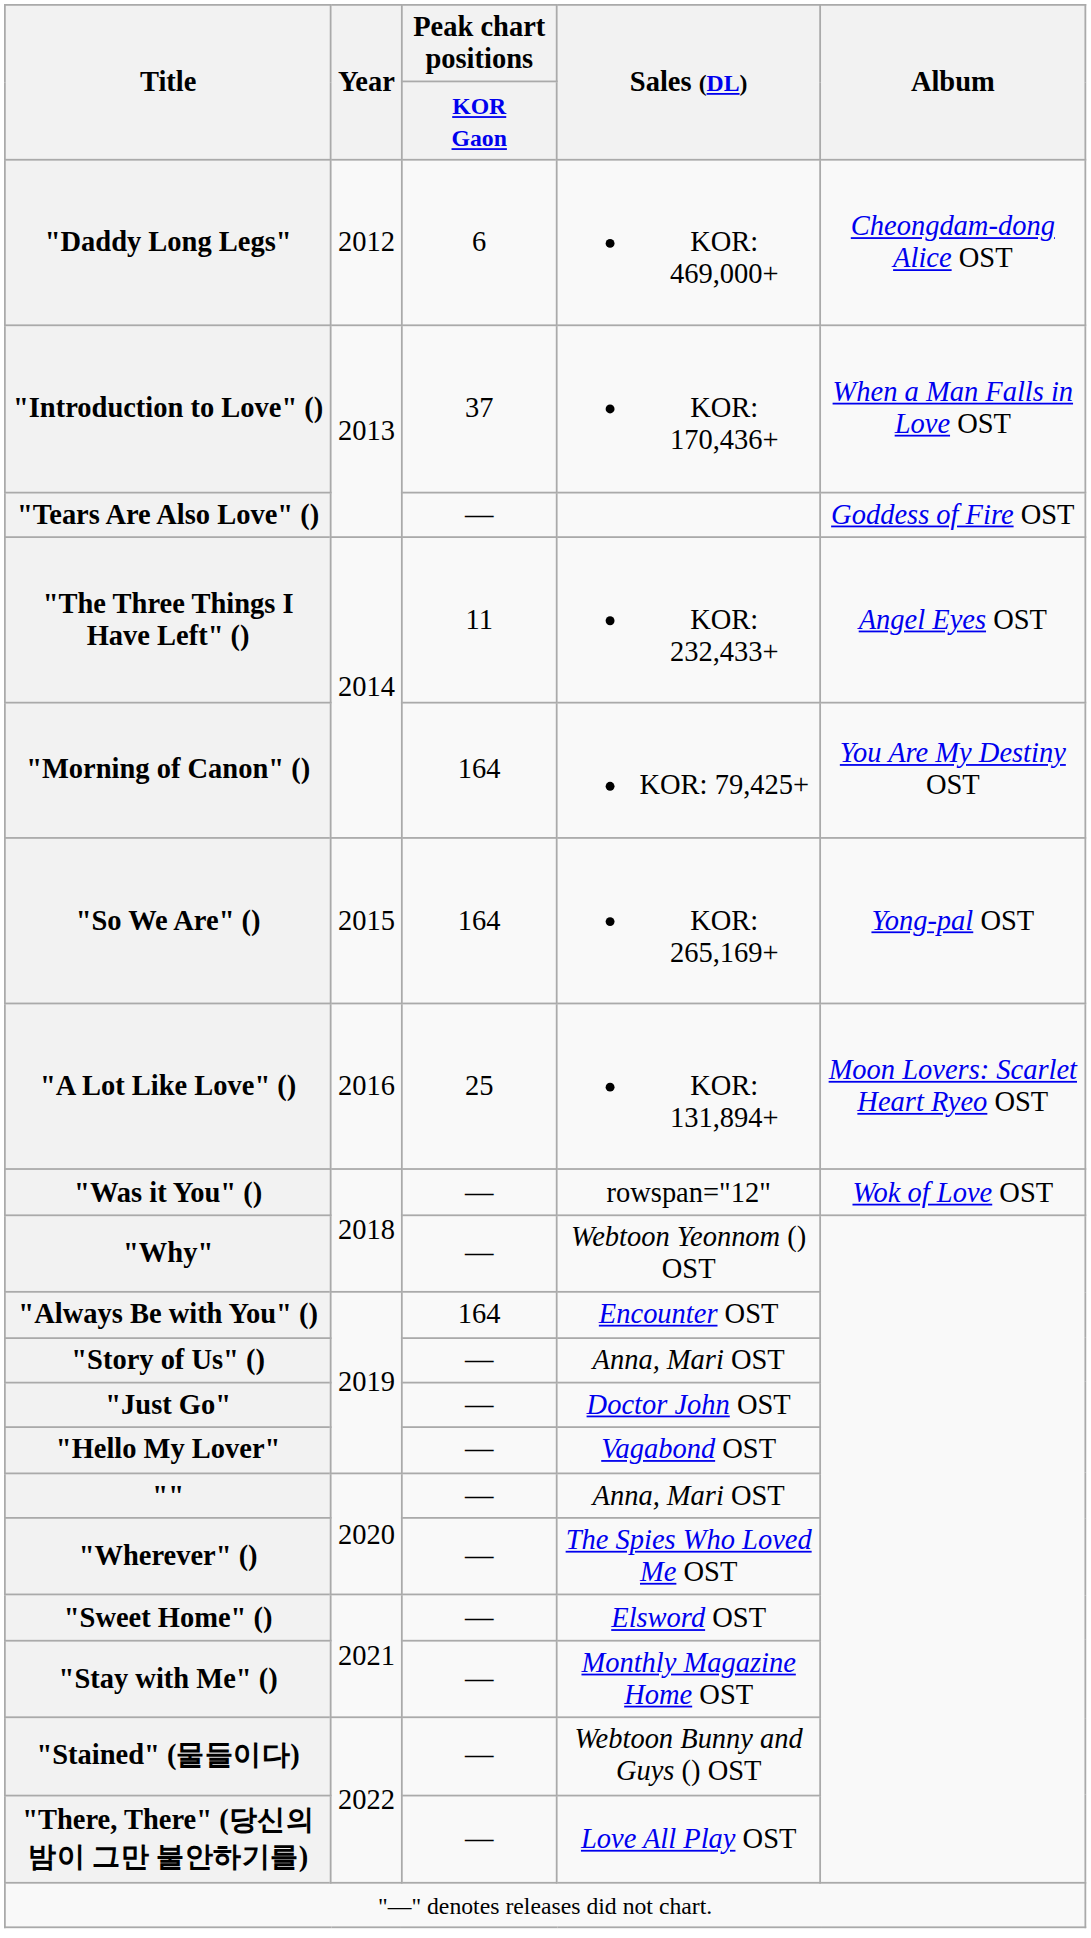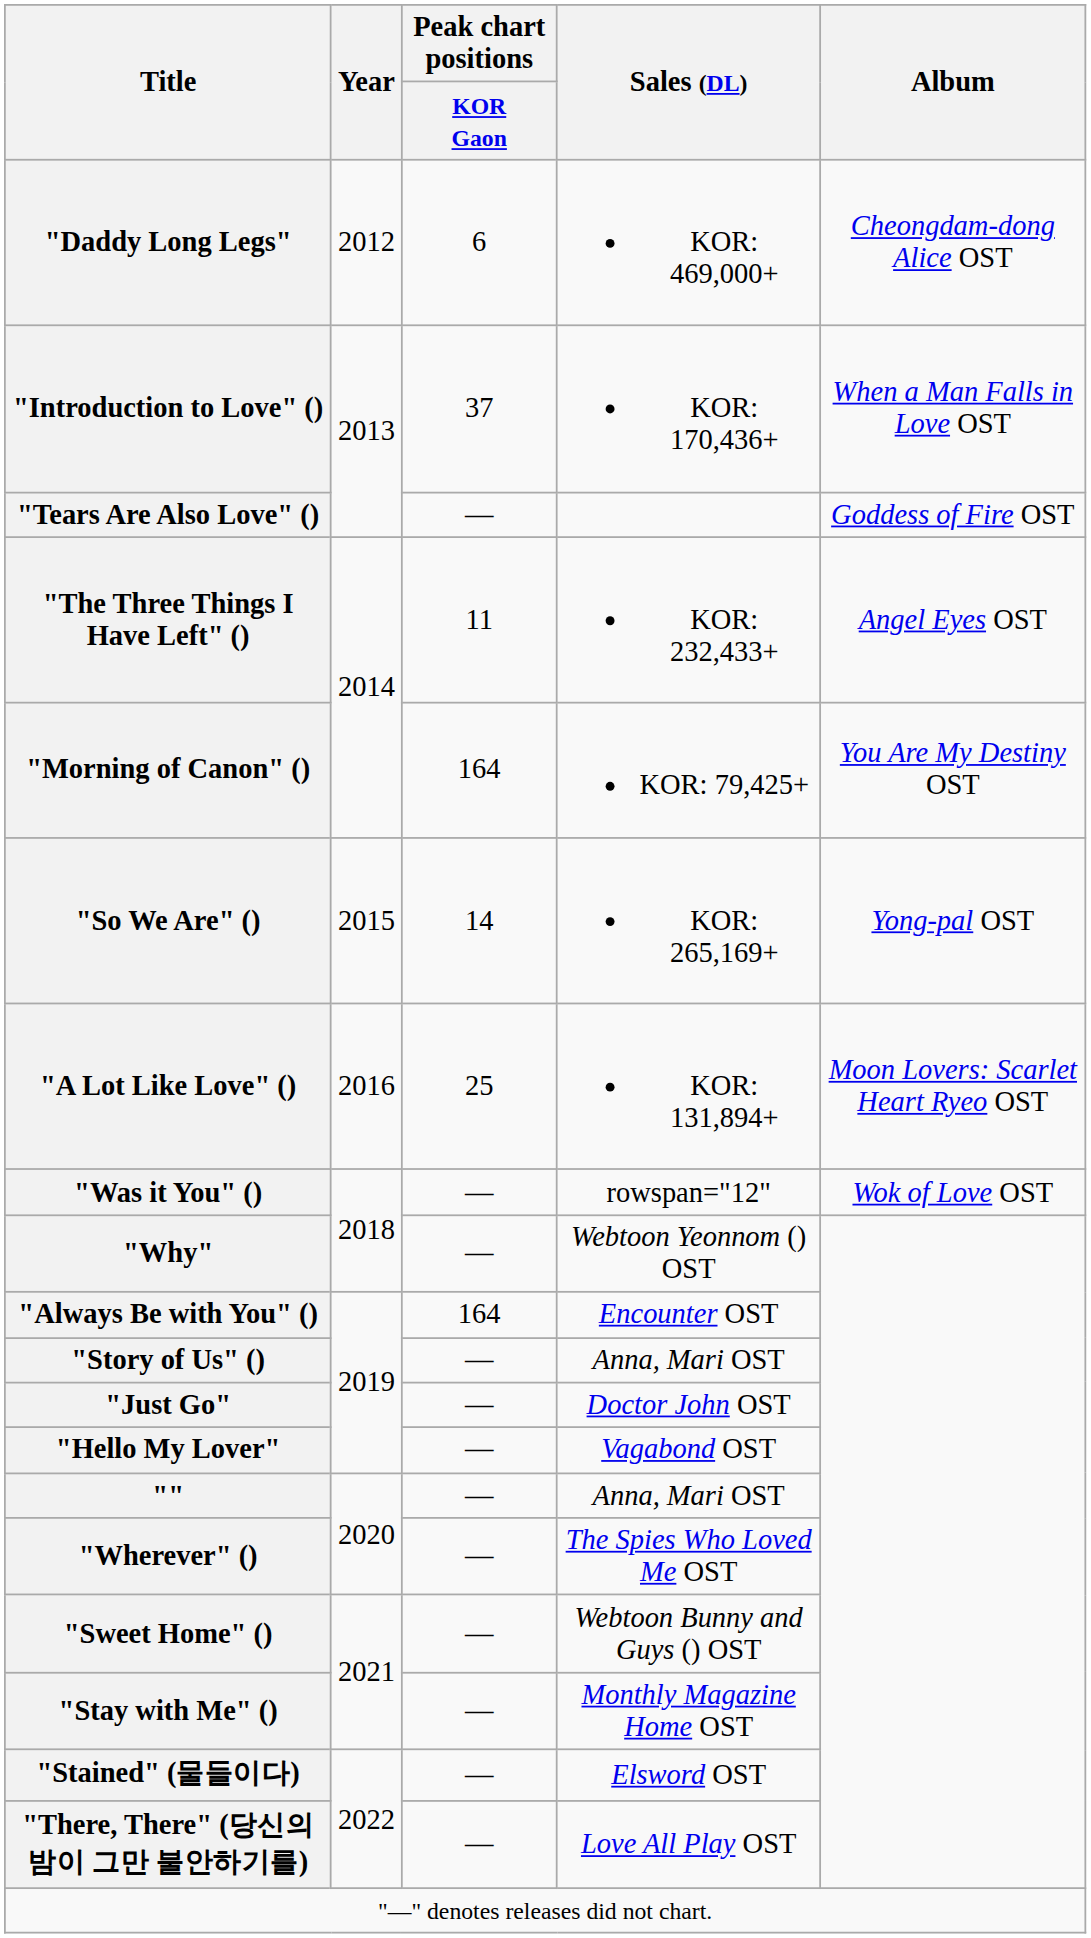 <table class="wikitable plainrowheaders" style="text-align:center;">
 <tr>
 <th scope="col" rowspan="2">Title</th>
 <th scope="col" rowspan="2">Year</th>
 <th scope="col" style="width:5em;">Peak chart positions</th>
 <th scope="col" rowspan="2">Sales <small>(<a href='#'>DL</a>)</small></th>
 <th scope="col" rowspan="2">Album</th>
 </tr>
 <tr>
 <th><small><a href='#'>KOR<br>Gaon</a><br></small></th>
 </tr>
 <tr>
 <th scope="row">"Daddy Long Legs"</th>
 <td>2012</td>
 <td>6</td>
 <td><br><ul><li>KOR: 469,000+</li></ul></td>
 <td><em><a href='#'>Cheongdam-dong Alice</a></em> OST</td>
 </tr>
 <tr>
 <th scope="row">"Introduction to Love" ()</th>
 <td rowspan="2">2013</td>
 <td>37</td>
 <td><br><ul><li>KOR: 170,436+</li></ul></td>
 <td><em><a href='#'>When a Man Falls in Love</a></em> OST</td>
 </tr>
 <tr>
 <th scope="row">"Tears Are Also Love" ()</th>
 <td>—</td>
 <td></td>
 <td><em><a href='#'>Goddess of Fire</a></em> OST</td>
 </tr>
 <tr>
 <th scope="row">"The Three Things I Have Left" ()</th>
 <td rowspan="2">2014</td>
 <td>11</td>
 <td><br><ul><li>KOR: 232,433+</li></ul></td>
 <td><em><a href='#'>Angel Eyes</a></em> OST</td>
 </tr>
 <tr>
 <th scope="row">"Morning of Canon" ()</th>
 <td>164</td>
 <td><br><ul><li>KOR: 79,425+</li></ul></td>
 <td><em><a href='#'>You Are My Destiny</a></em> OST</td>
 </tr>
 <tr>
 <th scope="row">"So We Are" ()</th>
 <td>2015</td>
-<td>164</td>
+<td>14</td>
 <td><br><ul><li>KOR: 265,169+</li></ul></td>
 <td><em><a href='#'>Yong-pal</a></em> OST</td>
 </tr>
 <tr>
 <th scope="row">"A Lot Like Love" ()</th>
 <td>2016</td>
 <td>25</td>
 <td><br><ul><li>KOR: 131,894+</li></ul></td>
 <td><em><a href='#'>Moon Lovers: Scarlet Heart Ryeo</a></em> OST</td>
 </tr>
 <tr>
 <th scope="row">"Was it You" ()</th>
 <td rowspan="2">2018</td>
 <td>—</td>
 <td>rowspan="12" </td>
 <td><em><a href='#'>Wok of Love</a></em> OST</td>
 </tr>
 <tr>
 <th scope="row">"Why"</th>
 <td>—</td>
 <td><em>Webtoon Yeonnom</em> () OST</td>
 </tr>
 <tr>
 <th scope="row">"Always Be with You" ()</th>
 <td rowspan="4">2019</td>
 <td>164</td>
 <td><em><a href='#'>Encounter</a></em> OST</td>
 </tr>
 <tr>
 <th scope="row">"Story of Us" ()</th>
 <td>—</td>
 <td><em>Anna, Mari</em> OST</td>
 </tr>
 <tr>
 <th scope="row">"Just Go"</th>
 <td>—</td>
 <td><em><a href='#'>Doctor John</a></em> OST</td>
 </tr>
 <tr>
 <th scope="row">"Hello My Lover"</th>
 <td>—</td>
 <td><em><a href='#'>Vagabond</a></em> OST</td>
 </tr>
 <tr>
 <th scope="row">""</th>
 <td rowspan="2">2020</td>
 <td>—</td>
 <td><em>Anna, Mari</em> OST</td>
 </tr>
 <tr>
 <th scope="row">"Wherever" ()</th>
 <td>—</td>
 <td><em><a href='#'>The Spies Who Loved Me</a></em> OST</td>
 </tr>
 <tr>
 <th scope="row">"Sweet Home" ()</th>
 <td rowspan="2">2021</td>
 <td>—</td>
-<td><em><a href='#'>Elsword</a></em> OST</td>
+<td><em>Webtoon Bunny and Guys</em> () OST</td>
 </tr>
 <tr>
 <th scope="row">"Stay with Me" ()</th>
 <td>—</td>
 <td><em><a href='#'>Monthly Magazine Home</a></em> OST</td>
 </tr>
 <tr>
 <th scope="row">"Stained" (물들이다)</th>
 <td rowspan="2">2022</td>
 <td>—</td>
-<td><em>Webtoon Bunny and Guys</em> () OST</td>
+<td><em><a href='#'>Elsword</a></em> OST</td>
 </tr>
 <tr>
 <th scope="row">"There, There" (당신의 밤이 그만 불안하기를)</th>
 <td>—</td>
 <td><em><a href='#'>Love All Play</a></em> OST</td>
 </tr>
 <tr>
 <td colspan="6"><small>"—" denotes releases did not chart.</small></td>
 </tr>
 </table>
